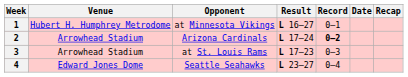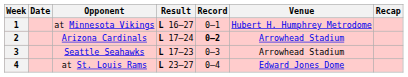 <table class="wikitable" style="text-align:center">
 <tr>
 <th>Week</th>
-<th>Venue</th>
+<th>Date</th>
 <th>Opponent</th>
 <th>Result</th>
 <th>Record</th>
-<th>Date</th>
+<th>Venue</th>
 <th>Recap</th>
 </tr>
 <tr style="background:#fcc">
 <th>1</th>
-<td><a href='#'>Hubert H. Humphrey Metrodome</a></td>
+<td></td>
 <td>at <a href='#'>Minnesota Vikings</a></td>
 <td><strong>L</strong> 16–27</td>
 <td>0–1</td>
-<td></td>
+<td><a href='#'>Hubert H. Humphrey Metrodome</a></td>
 <td></td>
 </tr>
 <tr style="background:#fcc">
 <th>2</th>
-<td><a href='#'>Arrowhead Stadium</a></td>
+<td></td>
 <td><a href='#'>Arizona Cardinals</a></td>
 <td><strong>L</strong> 17–24</td>
 <td><strong>0–2</strong></td>
-<td></td>
+<td><a href='#'>Arrowhead Stadium</a></td>
 <td></td>
 </tr>
 <tr style="background:#fcc">
 <th>3</th>
-<td>Arrowhead Stadium</td>
-<td>at <a href='#'>St. Louis Rams</a></td>
+<td></td>
+<td><a href='#'>Seattle Seahawks</a></td>
 <td><strong>L</strong> 17–23</td>
 <td>0–3</td>
-<td></td>
+<td>Arrowhead Stadium</td>
 <td></td>
 </tr>
 <tr style="background:#fcc">
 <th>4</th>
-<td><a href='#'>Edward Jones Dome</a></td>
-<td><a href='#'>Seattle Seahawks</a></td>
+<td></td>
+<td>at <a href='#'>St. Louis Rams</a></td>
 <td><strong>L</strong> 23–27</td>
 <td>0–4</td>
-<td></td>
+<td><a href='#'>Edward Jones Dome</a></td>
 <td></td>
 </tr>
 </table>
